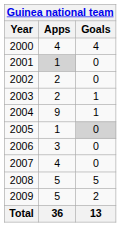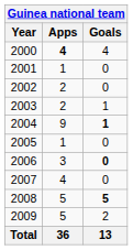 <table class="wikitable" style="text-align:center">
 <tr>
 <th colspan=3><a href='#'>Guinea national team</a></th>
 </tr>
 <tr>
 <th>Year</th>
 <th>Apps</th>
 <th>Goals</th>
 </tr>
 <tr>
 <td>2000</td>
-<td>4</td>
+<td><strong>4</strong></td>
 <td>4</td>
 </tr>
 <tr>
 <td>2001</td>
-<td style="background: lightgrey;">1</td>
+<td>1</td>
 <td>0</td>
 </tr>
 <tr>
 <td>2002</td>
 <td>2</td>
 <td>0</td>
 </tr>
 <tr>
 <td>2003</td>
 <td>2</td>
 <td>1</td>
 </tr>
 <tr>
 <td>2004</td>
 <td>9</td>
-<td>1</td>
+<td><strong>1</strong></td>
 </tr>
 <tr>
 <td>2005</td>
 <td>1</td>
-<td style="background: lightgrey;">0</td>
+<td>0</td>
 </tr>
 <tr>
 <td>2006</td>
 <td>3</td>
-<td>0</td>
+<td><strong>0</strong></td>
 </tr>
 <tr>
 <td>2007</td>
 <td>4</td>
 <td>0</td>
 </tr>
 <tr>
 <td>2008</td>
 <td>5</td>
-<td>5</td>
+<td><strong>5</strong></td>
 </tr>
 <tr>
 <td>2009</td>
 <td>5</td>
 <td>2</td>
 </tr>
 <tr>
 <th>Total</th>
 <th>36</th>
 <th>13</th>
 </tr>
 </table>
